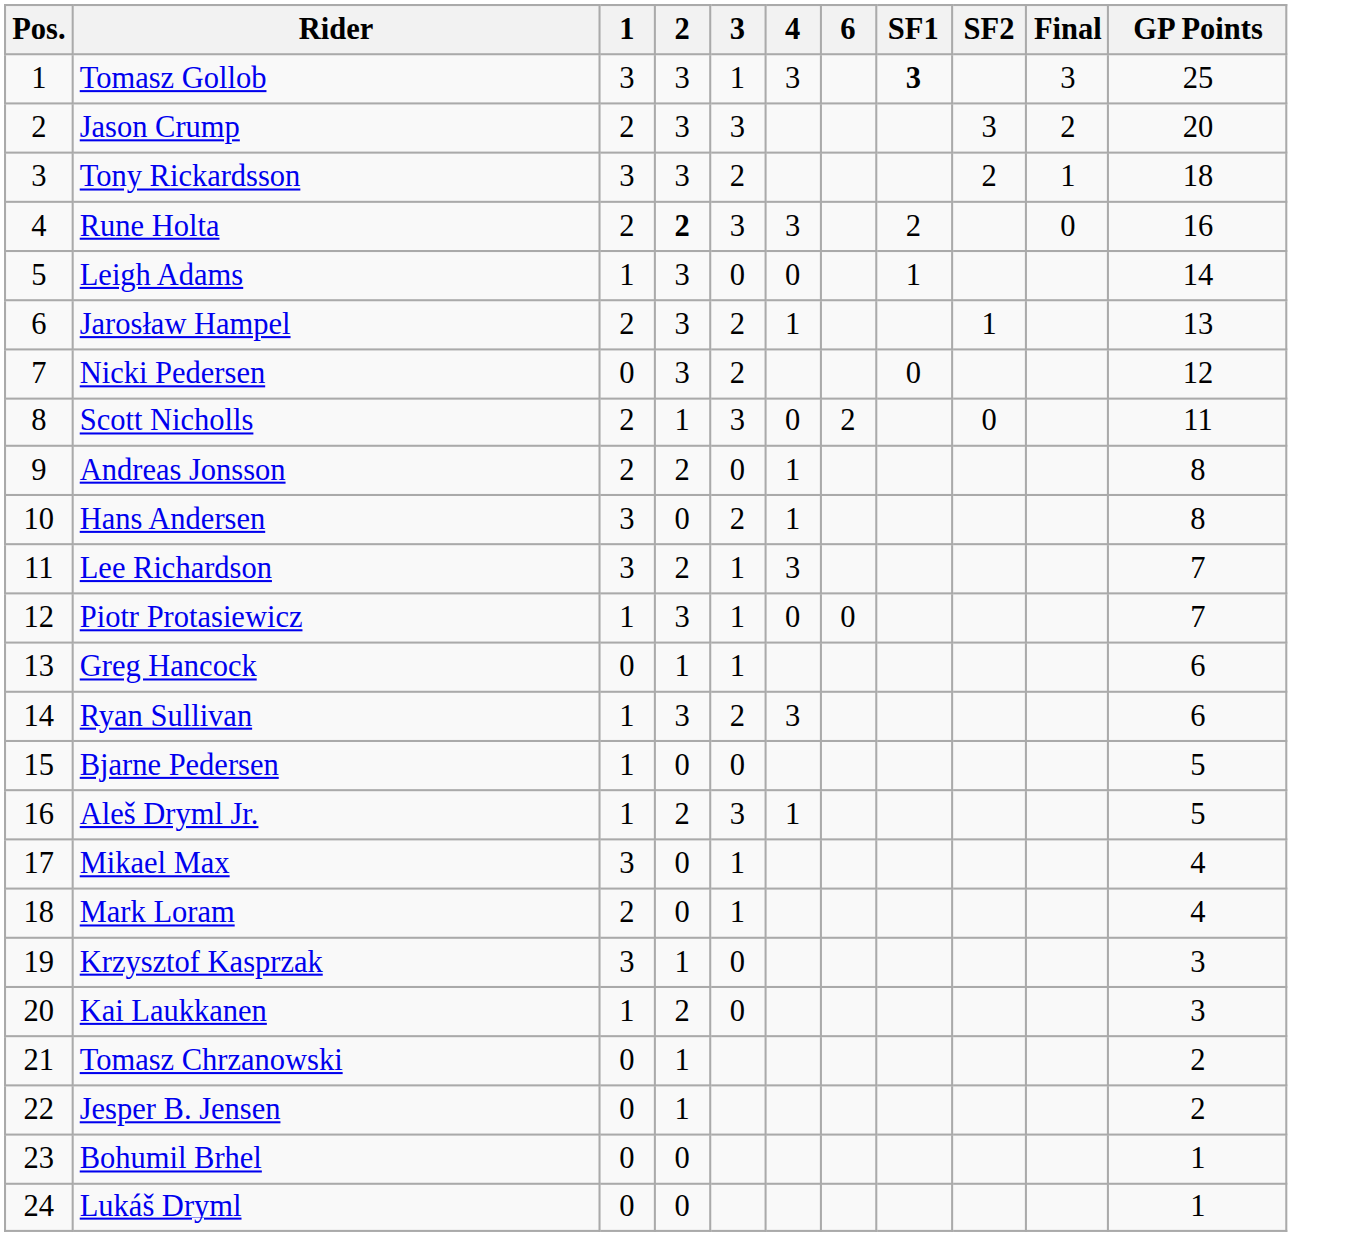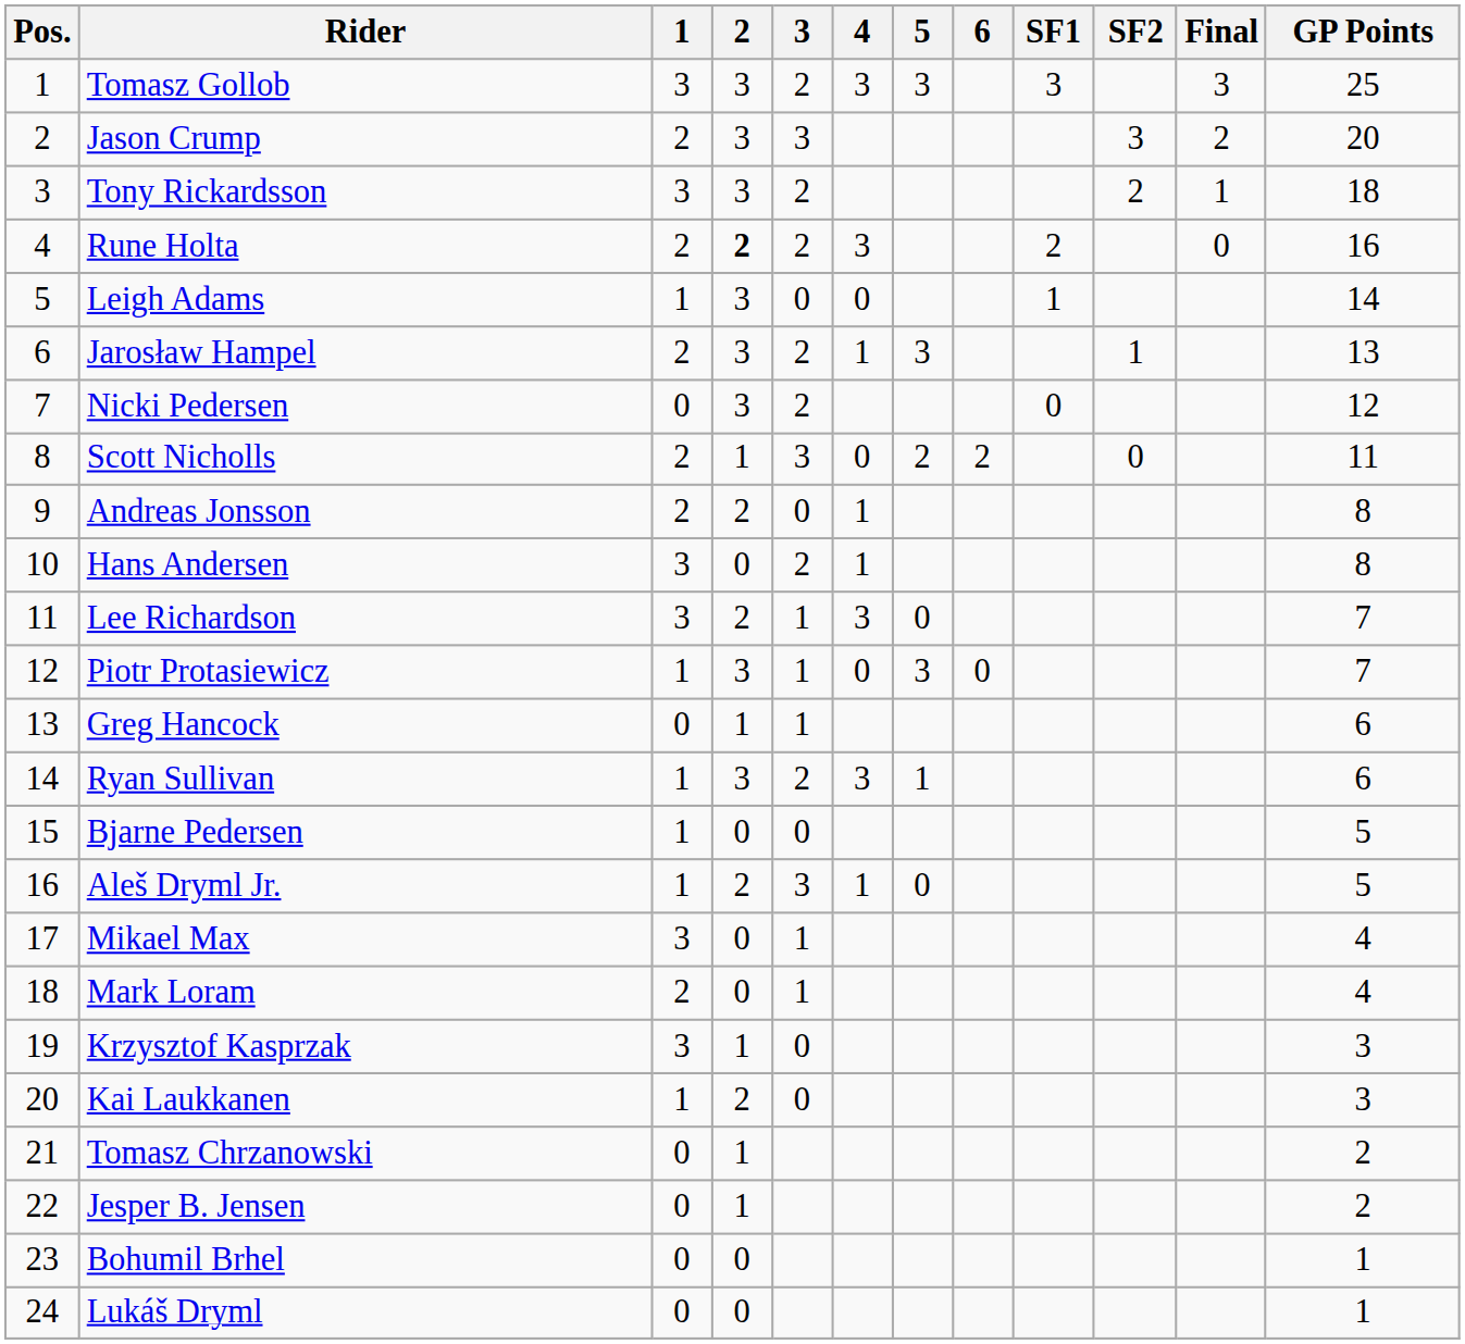 <table class=wikitable style="font-size:93%;">
 <tr>
 <th width=25px>Pos.</th>
 <th width=250px>Rider</th>
 <th width=20px>1</th>
 <th width=20px>2</th>
 <th width=20px>3</th>
 <th width=20px>4</th>
+<th width=20px>5</th>
 <th width=20px>6</th>
 <th width=30px>SF1</th>
 <th width=30px>SF2</th>
 <th width=30px>Final</th>
 <th width=80px>GP Points</th>
 </tr>
 <tr align=center style="background-color:">
 <td>1</td>
 <td align=left> <a href='#'>Tomasz Gollob</a></td>
 <td>3</td>
 <td>3</td>
-<td>1</td>
+<td>2</td>
+<td>3</td>
 <td>3</td>
 <td></td>
-<td><strong>  3</strong></td>
+<td>  3</td>
 <td></td>
 <td>3</td>
 <td>25</td>
 </tr>
 <tr align=center style="background-color:">
 <td>2</td>
 <td align=left> <a href='#'>Jason Crump</a></td>
 <td>2</td>
 <td>3</td>
 <td>3</td>
+<td></td>
 <td></td>
 <td></td>
 <td></td>
 <td>3</td>
 <td>2</td>
 <td>20</td>
 </tr>
 <tr align=center style="background-color:">
 <td>3</td>
 <td align=left> <a href='#'>Tony Rickardsson</a></td>
 <td>3</td>
 <td>3</td>
 <td>2</td>
 <td></td>
 <td></td>
 <td></td>
+<td></td>
 <td>2</td>
 <td>1</td>
 <td>18</td>
 </tr>
 <tr align=center>
 <td>4</td>
 <td align=left> <a href='#'>Rune Holta</a></td>
 <td>2</td>
 <td><strong>2</strong></td>
+<td>2</td>
 <td>3</td>
-<td>3</td>
+<td></td>
 <td></td>
 <td>2</td>
 <td></td>
 <td>0</td>
 <td>16</td>
 </tr>
 <tr align=center>
 <td>5</td>
 <td align=left> <a href='#'>Leigh Adams</a></td>
 <td>1</td>
 <td>3</td>
 <td>0</td>
 <td>0</td>
 <td></td>
+<td></td>
 <td>1</td>
 <td></td>
 <td></td>
 <td>14</td>
 </tr>
 <tr align=center>
 <td>6</td>
 <td align=left> <a href='#'>Jarosław Hampel</a></td>
 <td>2</td>
 <td>3</td>
 <td>2</td>
 <td>1</td>
+<td>3</td>
 <td></td>
 <td></td>
 <td>1</td>
 <td></td>
 <td>13</td>
 </tr>
 <tr align=center>
 <td>7</td>
 <td align=left> <a href='#'>Nicki Pedersen</a></td>
 <td>0</td>
 <td>3</td>
 <td>2</td>
 <td></td>
 <td></td>
+<td></td>
 <td>0</td>
 <td></td>
 <td></td>
 <td>12</td>
 </tr>
 <tr align=center>
 <td>8</td>
 <td align=left> <a href='#'>Scott Nicholls</a></td>
 <td>2</td>
 <td>1</td>
 <td>3</td>
 <td>0</td>
+<td>2</td>
 <td>2</td>
 <td></td>
 <td>0</td>
 <td></td>
 <td>11</td>
 </tr>
 <tr align=center>
 <td>9</td>
 <td align=left> <a href='#'>Andreas Jonsson</a></td>
 <td>2</td>
 <td>2</td>
 <td>0</td>
 <td>1</td>
 <td></td>
 <td></td>
 <td></td>
 <td></td>
+<td></td>
 <td>8</td>
 </tr>
 <tr align=center>
 <td>10</td>
 <td align=left> <a href='#'>Hans Andersen</a></td>
 <td>3</td>
 <td>0</td>
 <td>2</td>
 <td>1</td>
 <td></td>
 <td></td>
 <td></td>
 <td></td>
+<td></td>
 <td>8</td>
 </tr>
 <tr align=center>
 <td>11</td>
 <td align=left> <a href='#'>Lee Richardson</a></td>
 <td>3</td>
 <td>2</td>
 <td>1</td>
 <td>3</td>
+<td>0</td>
 <td></td>
 <td></td>
 <td></td>
 <td></td>
 <td>7</td>
 </tr>
 <tr align=center>
 <td>12</td>
 <td align=left> <a href='#'>Piotr Protasiewicz</a></td>
 <td>1</td>
 <td>3</td>
 <td>1</td>
 <td>0</td>
+<td>3</td>
 <td>0</td>
 <td></td>
 <td></td>
 <td></td>
 <td>7</td>
 </tr>
 <tr align=center>
 <td>13</td>
 <td align=left> <a href='#'>Greg Hancock</a></td>
 <td>0</td>
 <td>1</td>
 <td>1</td>
 <td></td>
 <td></td>
 <td></td>
 <td></td>
 <td></td>
+<td></td>
 <td>6</td>
 </tr>
 <tr align=center>
 <td>14</td>
 <td align=left> <a href='#'>Ryan Sullivan</a></td>
 <td>1</td>
 <td>3</td>
 <td>2</td>
 <td>3</td>
+<td>1</td>
 <td></td>
 <td></td>
 <td></td>
 <td></td>
 <td>6</td>
 </tr>
 <tr align=center>
 <td>15</td>
 <td align=left> <a href='#'>Bjarne Pedersen</a></td>
 <td>1</td>
 <td>0</td>
 <td>0</td>
 <td></td>
 <td></td>
 <td></td>
 <td></td>
 <td></td>
+<td></td>
 <td>5</td>
 </tr>
 <tr align=center>
 <td>16</td>
 <td align=left> <a href='#'>Aleš Dryml Jr.</a></td>
 <td>1</td>
 <td>2</td>
 <td>3</td>
 <td>1</td>
+<td>0</td>
 <td></td>
 <td></td>
 <td></td>
 <td></td>
 <td>5</td>
 </tr>
 <tr align=center>
 <td>17</td>
 <td align=left> <a href='#'>Mikael Max</a></td>
 <td>3</td>
 <td>0</td>
 <td>1</td>
+<td></td>
 <td></td>
 <td></td>
 <td></td>
 <td></td>
 <td></td>
 <td>4</td>
 </tr>
 <tr align=center>
 <td>18</td>
 <td align=left> <a href='#'>Mark Loram</a></td>
 <td>2</td>
 <td>0</td>
 <td>1</td>
 <td></td>
 <td></td>
 <td></td>
 <td></td>
 <td></td>
+<td></td>
 <td>4</td>
 </tr>
 <tr align=center>
 <td>19</td>
 <td align=left> <a href='#'>Krzysztof Kasprzak</a></td>
 <td>3</td>
 <td>1</td>
 <td>0</td>
+<td></td>
 <td></td>
 <td></td>
 <td></td>
 <td></td>
 <td></td>
 <td>3</td>
 </tr>
 <tr align=center>
 <td>20</td>
 <td align=left> <a href='#'>Kai Laukkanen</a></td>
 <td>1</td>
 <td>2</td>
 <td>0</td>
 <td></td>
 <td></td>
 <td></td>
 <td></td>
 <td></td>
+<td></td>
 <td>3</td>
 </tr>
 <tr align=center>
 <td>21</td>
 <td align=left> <a href='#'>Tomasz Chrzanowski</a></td>
 <td>0</td>
 <td>1</td>
+<td></td>
 <td></td>
 <td></td>
 <td></td>
 <td></td>
 <td></td>
 <td></td>
 <td>2</td>
 </tr>
 <tr align=center>
 <td>22</td>
 <td align=left> <a href='#'>Jesper B. Jensen</a></td>
 <td>0</td>
 <td>1</td>
 <td></td>
 <td></td>
 <td></td>
 <td></td>
 <td></td>
 <td></td>
+<td></td>
 <td>2</td>
 </tr>
 <tr align=center>
 <td>23</td>
 <td align=left> <a href='#'>Bohumil Brhel</a></td>
 <td>0</td>
 <td>0</td>
+<td></td>
 <td></td>
 <td></td>
 <td></td>
 <td></td>
 <td></td>
 <td></td>
 <td>1</td>
 </tr>
 <tr align=center>
 <td>24</td>
 <td align=left> <a href='#'>Lukáš Dryml</a></td>
 <td>0</td>
 <td>0</td>
 <td></td>
 <td></td>
 <td></td>
 <td></td>
 <td></td>
 <td></td>
+<td></td>
 <td>1</td>
 </tr>
 </table>
